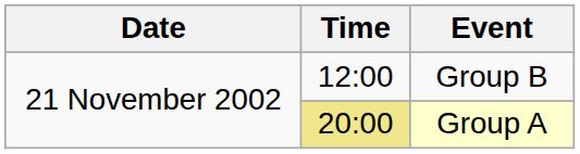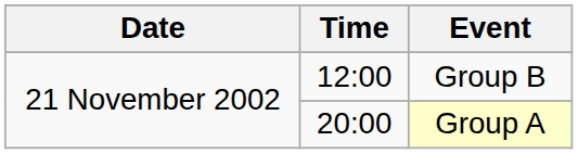 <table class = "wikitable" style="text-align:center;">
 <tr>
 <th width=150>Date</th>
 <th width=50>Time</th>
 <th width=80>Event</th>
 </tr>
 <tr>
 <td rowspan=2>21 November 2002</td>
 <td>12:00</td>
 <td>Group B</td>
 </tr>
 <tr>
-<td style="background: khaki;">20:00</td>
+<td>20:00</td>
 <td bgcolor=ffffcc>Group A</td>
 </tr>
 </table>
